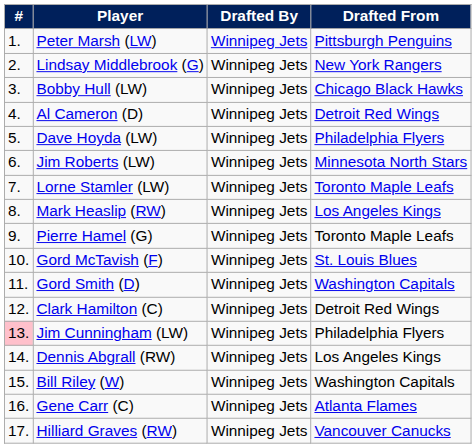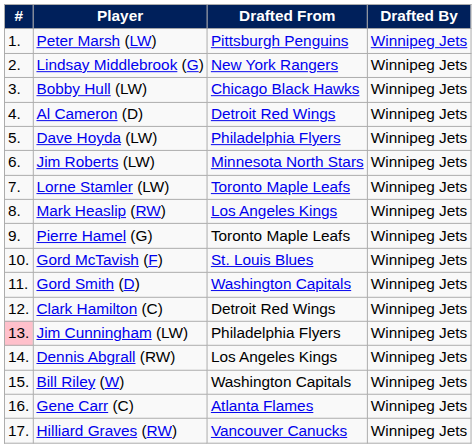 <table class="wikitable">
 <tr>
 <th style="color:white; background:#00205b; ">#</th>
 <th style="color:white; background:#00205b; ">Player</th>
+<th style="color:white; background:#00205b; ">Drafted From</th>
 <th style="color:white; background:#00205b; ">Drafted By</th>
-<th style="color:white; background:#00205b; ">Drafted From</th>
 </tr>
 <tr>
 <td>1.</td>
 <td><a href='#'>Peter Marsh</a> (<a href='#'>LW</a>)</td>
+<td><a href='#'>Pittsburgh Penguins</a></td>
 <td><a href='#'>Winnipeg Jets</a></td>
-<td><a href='#'>Pittsburgh Penguins</a></td>
 </tr>
 <tr>
 <td>2.</td>
 <td><a href='#'>Lindsay Middlebrook</a> (<a href='#'>G</a>)</td>
+<td><a href='#'>New York Rangers</a></td>
 <td>Winnipeg Jets</td>
-<td><a href='#'>New York Rangers</a></td>
 </tr>
 <tr>
 <td>3.</td>
 <td><a href='#'>Bobby Hull</a> (LW)</td>
+<td><a href='#'>Chicago Black Hawks</a></td>
 <td>Winnipeg Jets</td>
-<td><a href='#'>Chicago Black Hawks</a></td>
 </tr>
 <tr>
 <td>4.</td>
 <td><a href='#'>Al Cameron</a> (D)</td>
+<td><a href='#'>Detroit Red Wings</a></td>
 <td>Winnipeg Jets</td>
-<td><a href='#'>Detroit Red Wings</a></td>
 </tr>
 <tr>
 <td>5.</td>
 <td><a href='#'>Dave Hoyda</a> (LW)</td>
+<td><a href='#'>Philadelphia Flyers</a></td>
 <td>Winnipeg Jets</td>
-<td><a href='#'>Philadelphia Flyers</a></td>
 </tr>
 <tr>
 <td>6.</td>
 <td><a href='#'>Jim Roberts</a> (LW)</td>
+<td><a href='#'>Minnesota North Stars</a></td>
 <td>Winnipeg Jets</td>
-<td><a href='#'>Minnesota North Stars</a></td>
 </tr>
 <tr>
 <td>7.</td>
 <td><a href='#'>Lorne Stamler</a> (LW)</td>
+<td><a href='#'>Toronto Maple Leafs</a></td>
 <td>Winnipeg Jets</td>
-<td><a href='#'>Toronto Maple Leafs</a></td>
 </tr>
 <tr>
 <td>8.</td>
 <td><a href='#'>Mark Heaslip</a> (<a href='#'>RW</a>)</td>
+<td><a href='#'>Los Angeles Kings</a></td>
 <td>Winnipeg Jets</td>
-<td><a href='#'>Los Angeles Kings</a></td>
 </tr>
 <tr>
 <td>9.</td>
 <td><a href='#'>Pierre Hamel</a> (G)</td>
+<td>Toronto Maple Leafs</td>
 <td>Winnipeg Jets</td>
-<td>Toronto Maple Leafs</td>
 </tr>
 <tr>
 <td>10.</td>
 <td><a href='#'>Gord McTavish</a> (<a href='#'>F</a>)</td>
+<td><a href='#'>St. Louis Blues</a></td>
 <td>Winnipeg Jets</td>
-<td><a href='#'>St. Louis Blues</a></td>
 </tr>
 <tr>
 <td>11.</td>
 <td><a href='#'>Gord Smith</a> (<a href='#'>D</a>)</td>
+<td><a href='#'>Washington Capitals</a></td>
 <td>Winnipeg Jets</td>
-<td><a href='#'>Washington Capitals</a></td>
 </tr>
 <tr>
 <td>12.</td>
 <td><a href='#'>Clark Hamilton</a> (C)</td>
+<td>Detroit Red Wings</td>
 <td>Winnipeg Jets</td>
-<td>Detroit Red Wings</td>
 </tr>
 <tr>
 <td style="background: pink;">13.</td>
 <td><a href='#'>Jim Cunningham</a> (LW)</td>
+<td>Philadelphia Flyers</td>
 <td>Winnipeg Jets</td>
-<td>Philadelphia Flyers</td>
 </tr>
 <tr>
 <td>14.</td>
 <td><a href='#'>Dennis Abgrall</a> (RW)</td>
+<td>Los Angeles Kings</td>
 <td>Winnipeg Jets</td>
-<td>Los Angeles Kings</td>
 </tr>
 <tr>
 <td>15.</td>
 <td><a href='#'>Bill Riley</a> (<a href='#'>W</a>)</td>
+<td>Washington Capitals</td>
 <td>Winnipeg Jets</td>
-<td>Washington Capitals</td>
 </tr>
 <tr>
 <td>16.</td>
 <td><a href='#'>Gene Carr</a> (C)</td>
+<td><a href='#'>Atlanta Flames</a></td>
 <td>Winnipeg Jets</td>
-<td><a href='#'>Atlanta Flames</a></td>
 </tr>
 <tr>
 <td>17.</td>
 <td><a href='#'>Hilliard Graves</a> (<a href='#'>RW</a>)</td>
+<td><a href='#'>Vancouver Canucks</a></td>
 <td>Winnipeg Jets</td>
-<td><a href='#'>Vancouver Canucks</a></td>
 </tr>
 </table>
